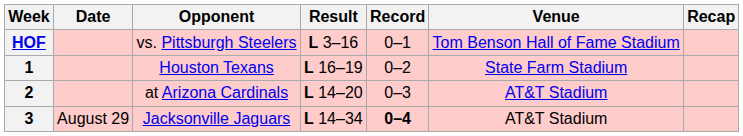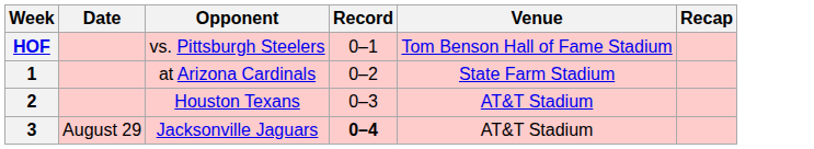 <table class="wikitable" style="text-align:center">
 <tr>
 <th>Week</th>
 <th>Date</th>
 <th>Opponent</th>
-<th>Result</th>
 <th>Record</th>
 <th>Venue</th>
 <th>Recap</th>
 </tr>
 <tr style="background:#fcc">
 <th><a href='#'>HOF</a></th>
 <td></td>
 <td>vs. <a href='#'>Pittsburgh Steelers</a></td>
-<td><strong>L</strong> 3–16</td>
 <td>0–1</td>
 <td><a href='#'>Tom Benson Hall of Fame Stadium</a></td>
 <td></td>
 </tr>
 <tr style="background:#fcc">
 <th>1</th>
 <td></td>
-<td><a href='#'>Houston Texans</a></td>
-<td><strong>L</strong> 16–19</td>
+<td>at <a href='#'>Arizona Cardinals</a></td>
 <td>0–2</td>
 <td><a href='#'>State Farm Stadium</a></td>
 <td></td>
 </tr>
 <tr style="background:#fcc">
 <th>2</th>
 <td></td>
-<td>at <a href='#'>Arizona Cardinals</a></td>
-<td><strong>L</strong> 14–20</td>
+<td><a href='#'>Houston Texans</a></td>
 <td>0–3</td>
 <td><a href='#'>AT&T Stadium</a></td>
 <td></td>
 </tr>
 <tr style="background:#fcc">
 <th>3</th>
 <td>August 29</td>
 <td><a href='#'>Jacksonville Jaguars</a></td>
-<td><strong>L</strong> 14–34</td>
 <td><strong>0–4</strong></td>
 <td>AT&T Stadium</td>
 <td></td>
 </tr>
 </table>
